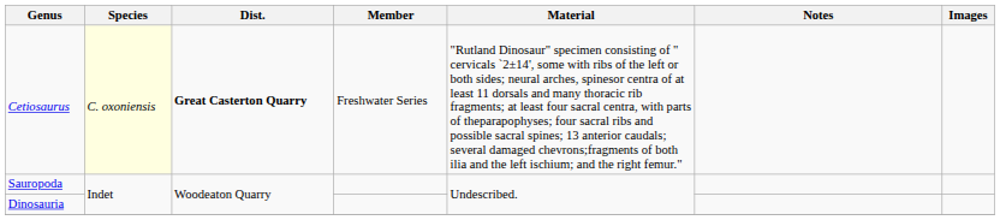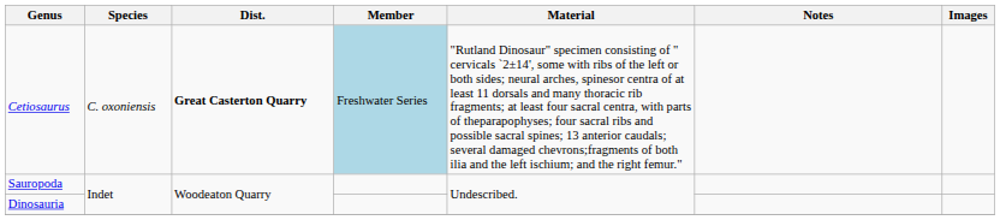 <table class="wikitable" align="center" >
 <tr>
 <th>Genus</th>
 <th>Species</th>
 <th>Dist.</th>
 <th>Member</th>
 <th width="25%">Material</th>
 <th width="25%">Notes</th>
 <th>Images</th>
 </tr>
 <tr>
 <td><br><em><a href='#'>Cetiosaurus</a></em></td>
-<td style="background: lightyellow;"><br><em>C. oxoniensis</em></td>
+<td><br><em>C. oxoniensis</em></td>
 <td><strong>Great Casterton Quarry</strong></td>
-<td>Freshwater Series</td>
+<td style="background: lightblue;">Freshwater Series</td>
 <td><br>"Rutland Dinosaur" specimen consisting of " cervicals `2±14', some with ribs of the left or both sides; neural arches, spinesor centra of at least 11 dorsals and many thoracic rib fragments; at least four sacral centra, with parts of theparapophyses; four sacral ribs and possible sacral spines; 13 anterior caudals; several damaged chevrons;fragments of both ilia and the left ischium; and the right femur."</td>
 <td></td>
 <td><br></td>
 </tr>
 <tr>
 <td><a href='#'>Sauropoda</a></td>
 <td rowspan="2">Indet</td>
 <td rowspan="2">Woodeaton Quarry</td>
 <td></td>
 <td rowspan="2">Undescribed.</td>
 <td></td>
 <td></td>
 </tr>
 <tr>
 <td><a href='#'>Dinosauria</a></td>
 <td></td>
 <td></td>
 <td></td>
 </tr>
 <tr>
 </tr>
 </table>
